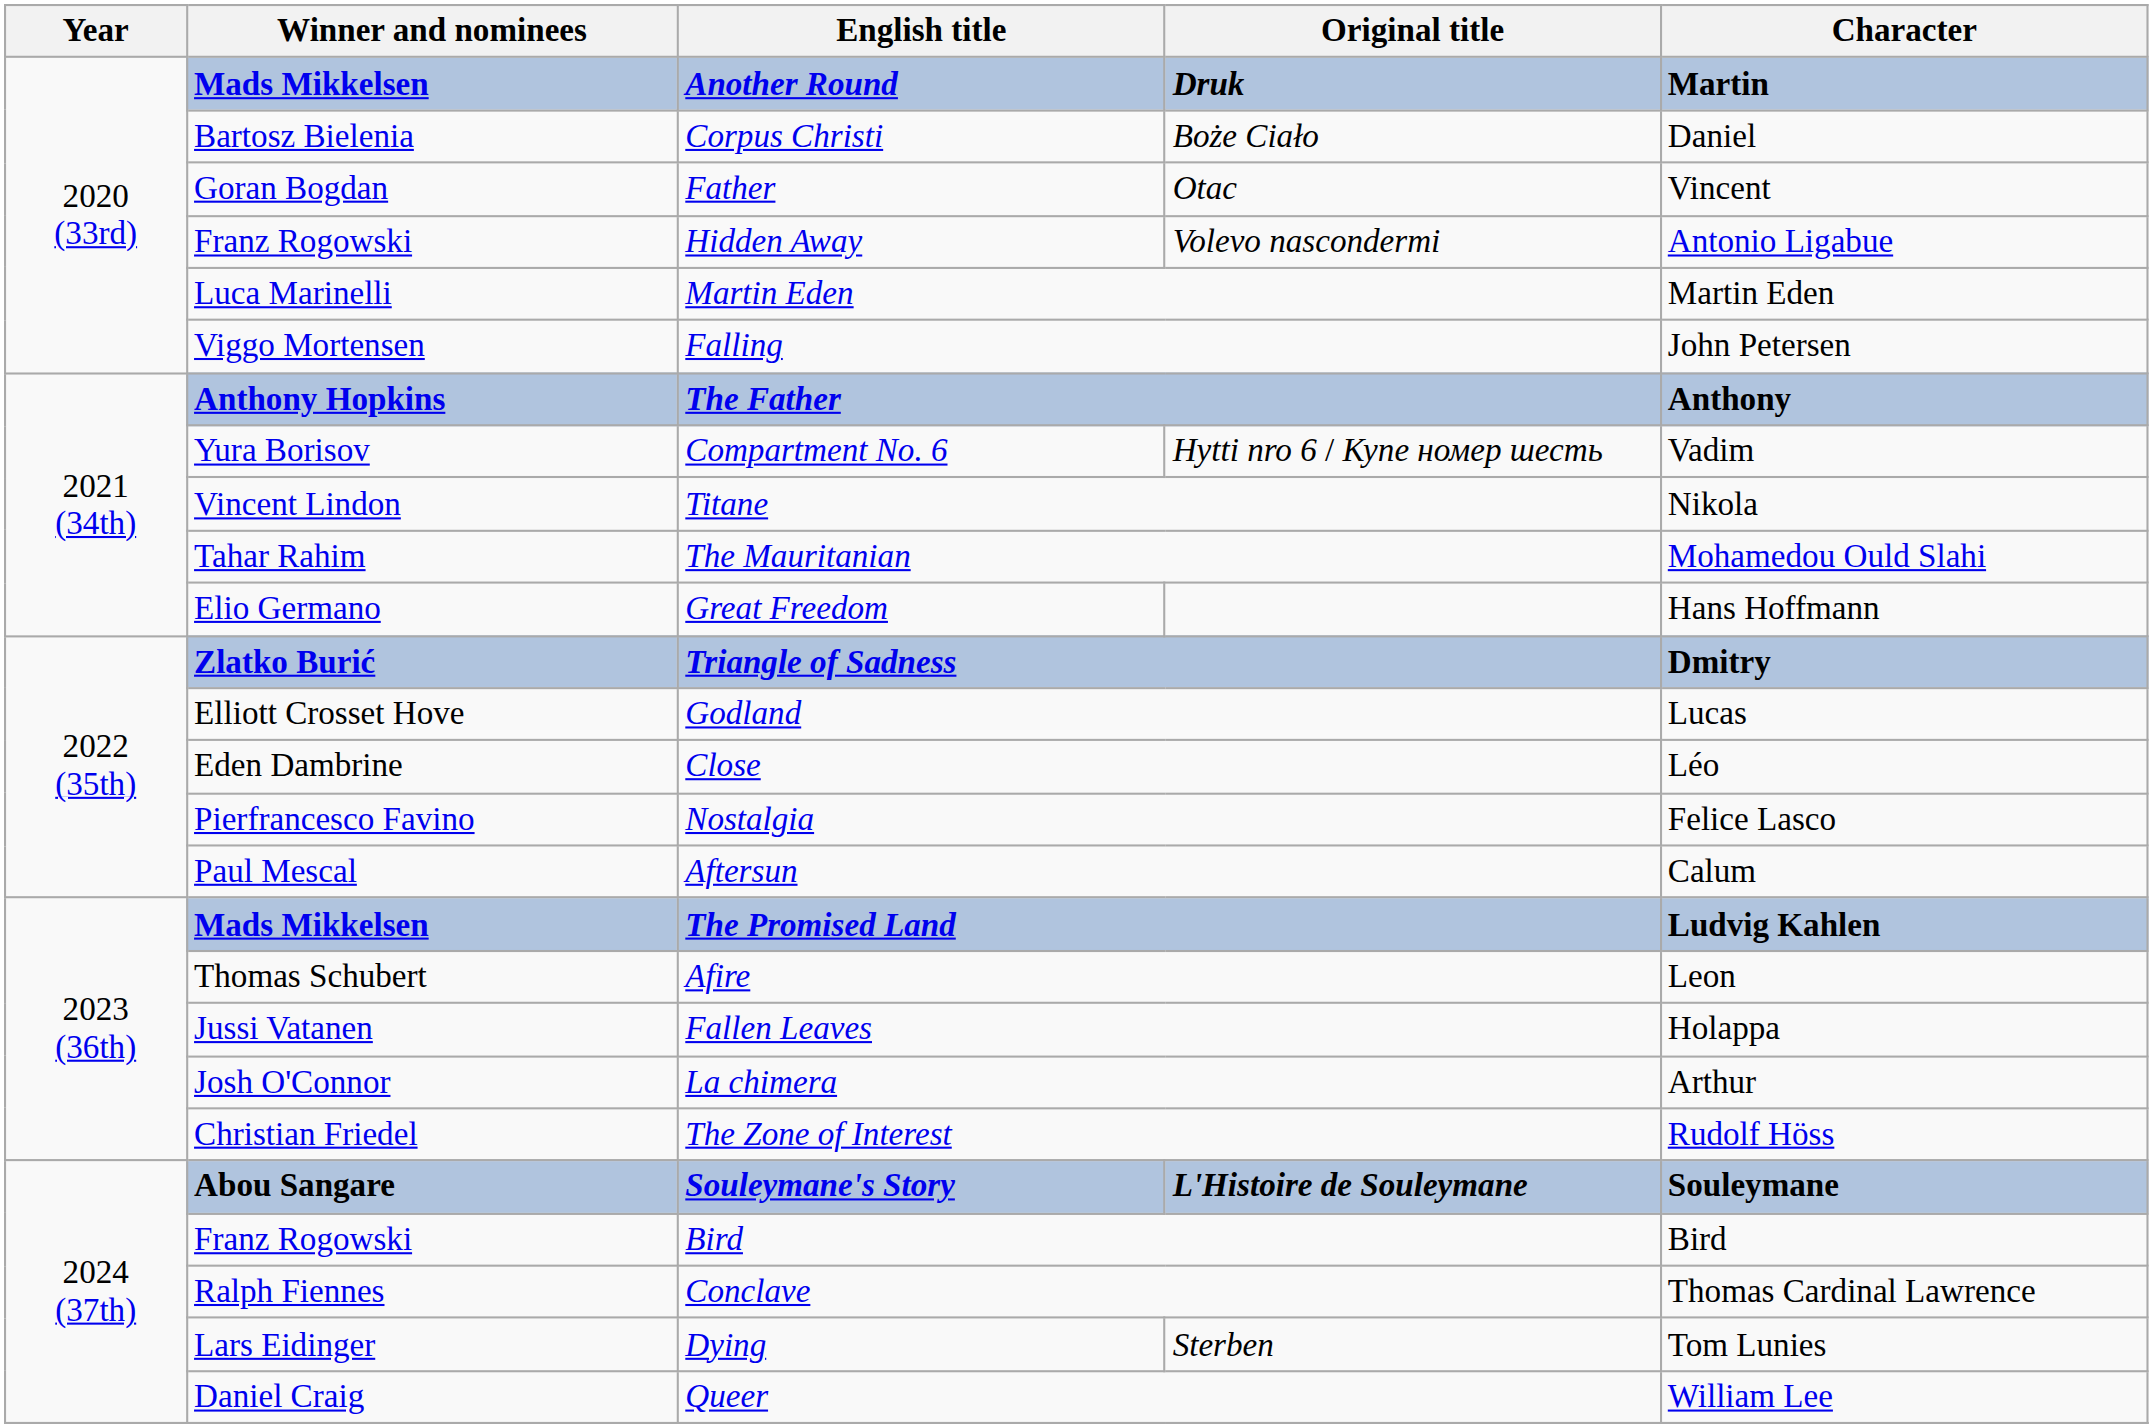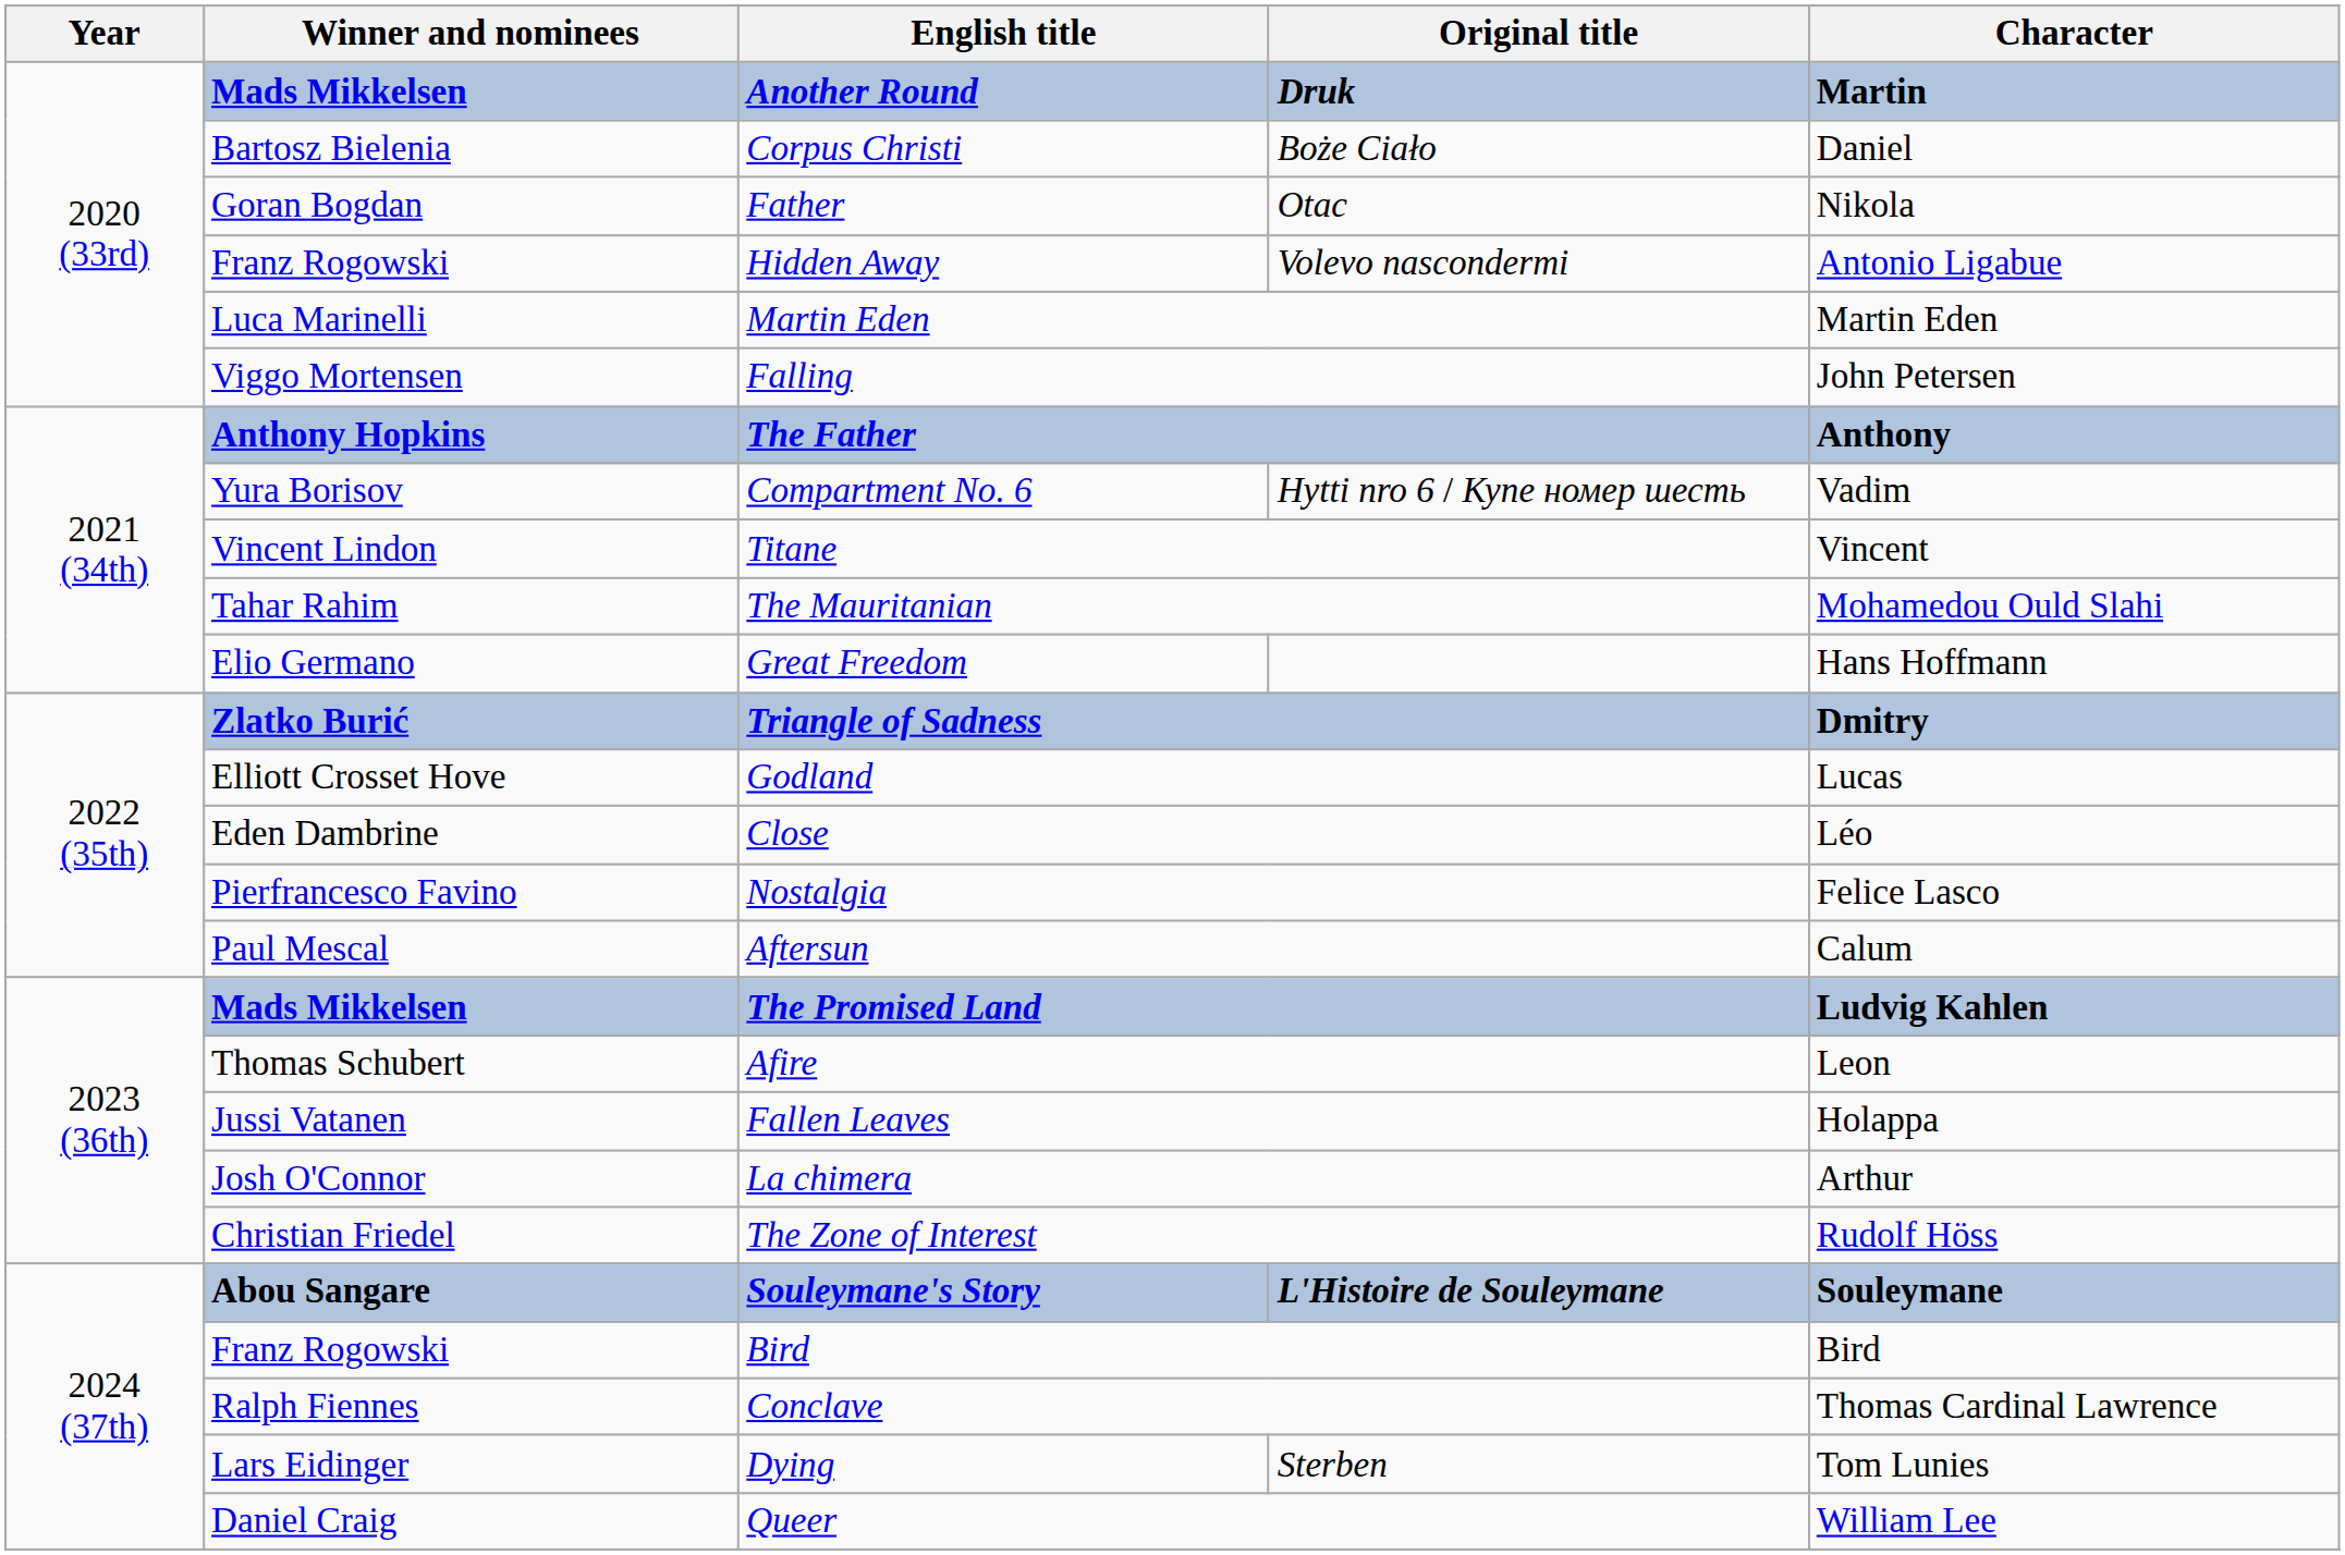 <table class="wikitable" width="82%" cellpadding="5">
 <tr>
 <th width="100"><strong>Year</strong></th>
 <th width="300">Winner and nominees</th>
 <th width="295">English title</th>
 <th width="305">Original title</th>
 <th width="300">Character</th>
 </tr>
 <tr>
 <td rowspan="6" style="text-align:center;">2020<br><a href='#'>(33rd)</a><br></td>
 <td style="background:#B0C4DE;"><strong> <a href='#'>Mads Mikkelsen</a></strong></td>
 <td style="background:#B0C4DE;"><strong><em><a href='#'>Another Round</a></em></strong></td>
 <td style="background:#B0C4DE;"><strong><em>Druk</em></strong></td>
 <td style="background:#B0C4DE;"><strong>Martin</strong></td>
 </tr>
 <tr>
 <td><a href='#'>Bartosz Bielenia</a></td>
 <td><em><a href='#'>Corpus Christi</a></em></td>
 <td><em>Boże Ciało</em></td>
 <td>Daniel</td>
 </tr>
 <tr>
 <td><a href='#'>Goran Bogdan</a></td>
 <td><em><a href='#'>Father</a></em></td>
 <td><em>Otac</em></td>
-<td>Vincent</td>
+<td>Nikola</td>
 </tr>
 <tr>
 <td><a href='#'>Franz Rogowski</a></td>
 <td><em><a href='#'>Hidden Away</a></em></td>
 <td><em>Volevo nascondermi</em></td>
 <td><a href='#'>Antonio Ligabue</a></td>
 </tr>
 <tr>
 <td><a href='#'>Luca Marinelli</a></td>
 <td colspan="2"><em><a href='#'>Martin Eden</a></em></td>
 <td>Martin Eden</td>
 </tr>
 <tr>
 <td><a href='#'>Viggo Mortensen</a></td>
 <td colspan="2"><em><a href='#'>Falling</a></em></td>
 <td>John Petersen</td>
 </tr>
 <tr>
 <td rowspan="5" style="text-align:center;">2021<br><a href='#'>(34th)</a><br></td>
 <td style="background:#B0C4DE;"><strong><a href='#'>Anthony Hopkins</a></strong></td>
 <td colspan="2" style="background:#B0C4DE;"><em><a href='#'><strong>The Father</strong></a></em></td>
 <td style="background:#B0C4DE;"><strong>Anthony</strong></td>
 </tr>
 <tr>
 <td><a href='#'>Yura Borisov</a></td>
 <td><em><a href='#'>Compartment No. 6</a></em></td>
 <td><em>Hytti nro 6</em> / <em>Купе номер шесть</em></td>
 <td>Vadim</td>
 </tr>
 <tr>
 <td><a href='#'>Vincent Lindon</a></td>
 <td colspan="2"><em><a href='#'>Titane</a></em></td>
-<td>Nikola</td>
+<td>Vincent</td>
 </tr>
 <tr>
 <td><a href='#'>Tahar Rahim</a></td>
 <td colspan="2"><em><a href='#'>The Mauritanian</a></em></td>
 <td><a href='#'>Mohamedou Ould Slahi</a></td>
 </tr>
 <tr>
 <td><a href='#'>Elio Germano</a></td>
 <td><em><a href='#'>Great Freedom</a></em></td>
 <td></td>
 <td>Hans Hoffmann</td>
 </tr>
 <tr>
 <td rowspan="5" style="text-align:center;">2022<br><a href='#'>(35th)</a><br></td>
 <td style="background:#B0C4DE;"><strong><a href='#'>Zlatko Burić</a></strong></td>
 <td colspan="2" style="background:#B0C4DE;"><strong><em><a href='#'>Triangle of Sadness</a></em></strong></td>
 <td style="background:#B0C4DE;"><strong>Dmitry</strong></td>
 </tr>
 <tr>
 <td>Elliott Crosset Hove</td>
 <td colspan="2"><em><a href='#'>Godland</a></em></td>
 <td>Lucas</td>
 </tr>
 <tr>
 <td>Eden Dambrine</td>
 <td colspan="2"><em><a href='#'>Close</a></em></td>
 <td>Léo</td>
 </tr>
 <tr>
 <td><a href='#'>Pierfrancesco Favino</a></td>
 <td colspan="2"><em><a href='#'>Nostalgia</a></em></td>
 <td>Felice Lasco</td>
 </tr>
 <tr>
 <td><a href='#'>Paul Mescal</a></td>
 <td colspan="2"><em><a href='#'>Aftersun</a></em></td>
 <td>Calum</td>
 </tr>
 <tr>
 <td rowspan="5" style="text-align:center;">2023<br><a href='#'>(36th)</a><br></td>
 <td style="background:#B0C4DE;"><strong><a href='#'>Mads Mikkelsen</a></strong></td>
 <td colspan="2" style="background:#B0C4DE;"><strong><em><a href='#'>The Promised Land</a></em></strong></td>
 <td style="background:#B0C4DE;"><strong>Ludvig Kahlen</strong></td>
 </tr>
 <tr>
 <td>Thomas Schubert</td>
 <td colspan="2"><em><a href='#'>Afire</a></em></td>
 <td>Leon</td>
 </tr>
 <tr>
 <td><a href='#'>Jussi Vatanen</a></td>
 <td colspan="2"><em><a href='#'>Fallen Leaves</a></em></td>
 <td>Holappa</td>
 </tr>
 <tr>
 <td><a href='#'>Josh O'Connor</a></td>
 <td colspan="2"><em><a href='#'>La chimera</a></em></td>
 <td>Arthur</td>
 </tr>
 <tr>
 <td><a href='#'>Christian Friedel</a></td>
 <td colspan="2"><em><a href='#'>The Zone of Interest</a></em></td>
 <td><a href='#'>Rudolf Höss</a></td>
 </tr>
 <tr>
 <td rowspan="5" style="text-align:center;">2024<br><a href='#'>(37th)</a><br></td>
 <td style="background:#B0C4DE;"><strong> Abou Sangare</strong></td>
 <td style="background:#B0C4DE;"><strong><em><a href='#'>Souleymane's Story</a></em></strong></td>
 <td style="background:#B0C4DE;"><strong><em>L'Histoire de Souleymane</em></strong></td>
 <td style="background:#B0C4DE;"><strong>Souleymane</strong></td>
 </tr>
 <tr>
 <td><a href='#'>Franz Rogowski</a></td>
 <td colspan="2"><em><a href='#'>Bird</a></em></td>
 <td>Bird</td>
 </tr>
 <tr>
 <td><a href='#'>Ralph Fiennes</a></td>
 <td colspan="2"><em><a href='#'>Conclave</a></em></td>
 <td>Thomas Cardinal Lawrence</td>
 </tr>
 <tr>
 <td><a href='#'>Lars Eidinger</a></td>
 <td><em><a href='#'>Dying</a></em></td>
 <td><em>Sterben</em></td>
 <td>Tom Lunies</td>
 </tr>
 <tr>
 <td><a href='#'>Daniel Craig</a></td>
 <td colspan="2"><em><a href='#'>Queer</a></em></td>
 <td><a href='#'>William Lee</a></td>
 </tr>
 <tr>
 </tr>
 </table>
